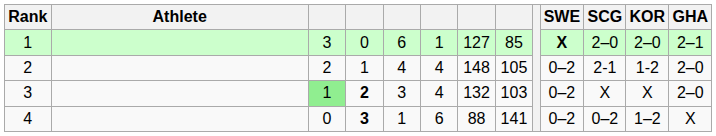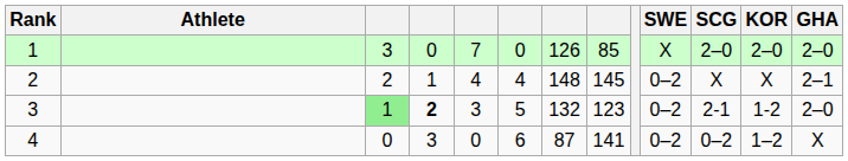 <table class="wikitable" style="text-align:center">
 <tr>
 <th>Rank</th>
 <th width=250>Athlete</th>
 <th width=30></th>
 <th width=30></th>
 <th width=30></th>
 <th width=30></th>
 <th width=30></th>
 <th width=30></th>
 <th rowspan=5></th>
 <th width=30>SWE</th>
 <th width=30>SCG</th>
 <th width=30>KOR</th>
 <th width=30>GHA</th>
 </tr>
 <tr style="background-color:#ccffcc;">
 <td>1</td>
 <td align=left></td>
 <td>3</td>
 <td>0</td>
-<td>6</td>
-<td>1</td>
-<td>127</td>
+<td>7</td>
+<td>0</td>
+<td>126</td>
 <td>85</td>
-<td><strong>X</strong></td>
+<td>X</td>
 <td>2–0</td>
 <td>2–0</td>
-<td>2–1</td>
+<td>2–0</td>
 </tr>
 <tr>
 <td>2</td>
 <td align=left></td>
 <td>2</td>
 <td>1</td>
 <td>4</td>
 <td>4</td>
 <td>148</td>
-<td>105</td>
+<td>145</td>
 <td>0–2</td>
-<td>2-1</td>
-<td>1-2</td>
-<td>2–0</td>
+<td>X</td>
+<td>X</td>
+<td>2–1</td>
 </tr>
 <tr>
 <td>3</td>
 <td align=left></td>
 <td style="background: lightgreen;">1</td>
 <td><strong>2</strong></td>
 <td>3</td>
-<td>4</td>
+<td>5</td>
 <td>132</td>
-<td>103</td>
+<td>123</td>
 <td>0–2</td>
-<td>X</td>
-<td>X</td>
+<td>2-1</td>
+<td>1-2</td>
 <td>2–0</td>
 </tr>
 <tr>
 <td>4</td>
 <td align=left></td>
 <td>0</td>
-<td><strong>3</strong></td>
-<td>1</td>
+<td>3</td>
+<td>0</td>
 <td>6</td>
-<td>88</td>
+<td>87</td>
 <td>141</td>
 <td>0–2</td>
 <td>0–2</td>
 <td>1–2</td>
 <td>X</td>
 </tr>
 </table>
